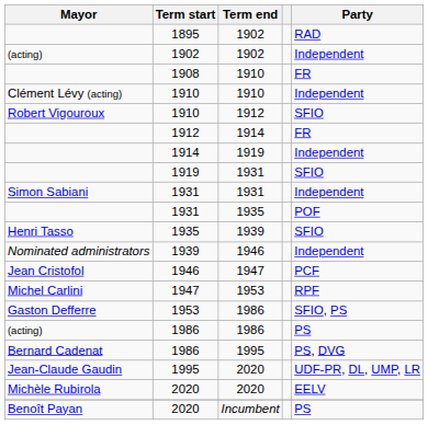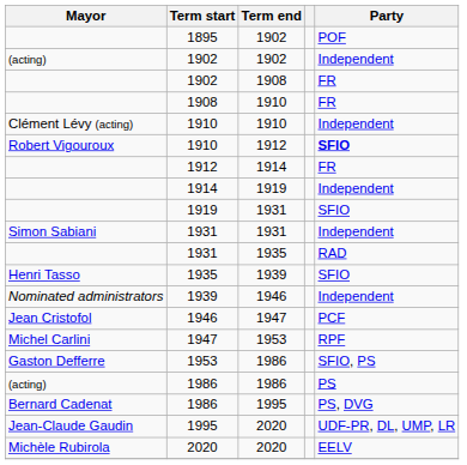 <table class="wikitable">
 <tr>
 <th>Mayor</th>
 <th>Term start</th>
 <th>Term end</th>
 <th class=unsortable> </th>
 <th>Party</th>
 </tr>
 <tr>
 <td></td>
 <td align=center>1895</td>
 <td style="text-align:center;">1902</td>
 <td style="color:inherit;background:"></td>
-<td><a href='#'>RAD</a></td>
+<td><a href='#'>POF</a></td>
 </tr>
 <tr>
 <td> <small>(acting)</small></td>
 <td style="text-align:center;">1902</td>
 <td style="text-align:center;">1902</td>
 <td style="color:inherit;background:"></td>
 <td><a href='#'>Independent</a></td>
+</tr>
+<tr>
+<td></td>
+<td align=center>1902</td>
+<td align=center>1908</td>
+<td style="color:inherit;background:"></td>
+<td><a href='#'>FR</a></td>
 </tr>
 <tr>
 <td></td>
 <td align=center>1908</td>
 <td align=center>1910</td>
 <td style="color:inherit;background:"></td>
 <td><a href='#'>FR</a></td>
 </tr>
 <tr>
 <td>Clément Lévy <small>(acting)</small></td>
 <td align=center>1910</td>
 <td align=center>1910</td>
 <td style="color:inherit;background:"></td>
 <td><a href='#'>Independent</a></td>
 </tr>
 <tr>
 <td><a href='#'>Robert Vigouroux</a></td>
 <td align=center>1910</td>
 <td align=center>1912</td>
 <td style="color:inherit;background:"></td>
-<td><a href='#'>SFIO</a></td>
+<td><strong><a href='#'>SFIO</a></strong></td>
 </tr>
 <tr>
 <td></td>
 <td align=center>1912</td>
 <td align=center>1914</td>
 <td style="color:inherit;background:"></td>
 <td><a href='#'>FR</a></td>
 </tr>
 <tr>
 <td></td>
 <td align=center>1914</td>
 <td align=center>1919</td>
 <td style="color:inherit;background:"></td>
 <td><a href='#'>Independent</a></td>
 </tr>
 <tr>
 <td></td>
 <td align=center>1919</td>
 <td align=center>1931</td>
 <td style="color:inherit;background:"></td>
 <td><a href='#'>SFIO</a></td>
 </tr>
 <tr>
 <td><a href='#'>Simon Sabiani</a></td>
 <td align=center>1931</td>
 <td align=center>1931</td>
 <td style="color:inherit;background:"></td>
 <td><a href='#'>Independent</a></td>
 </tr>
 <tr>
 <td></td>
 <td align=center>1931</td>
 <td align=center>1935</td>
 <td style="color:inherit;background:"></td>
-<td><a href='#'>POF</a></td>
+<td><a href='#'>RAD</a></td>
 </tr>
 <tr>
 <td><a href='#'>Henri Tasso</a></td>
 <td align=center>1935</td>
 <td align=center>1939</td>
 <td style="color:inherit;background:"></td>
 <td><a href='#'>SFIO</a></td>
 </tr>
 <tr>
 <td><em>Nominated administrators</em></td>
 <td align=center>1939</td>
 <td align=center>1946</td>
 <td style="color:inherit;background:"></td>
 <td><a href='#'>Independent</a><br></td>
 </tr>
 <tr>
 <td><a href='#'>Jean Cristofol</a></td>
 <td align=center>1946</td>
 <td align=center>1947</td>
 <td style="color:inherit;background:"></td>
 <td><a href='#'>PCF</a></td>
 </tr>
 <tr>
 <td><a href='#'>Michel Carlini</a></td>
 <td align=center>1947</td>
 <td align=center>1953</td>
 <td style="color:inherit;background:"></td>
 <td><a href='#'>RPF</a></td>
 </tr>
 <tr>
 <td><a href='#'>Gaston Defferre</a></td>
 <td align=center>1953</td>
 <td align=center>1986</td>
 <td style="color:inherit;background:"></td>
 <td><a href='#'>SFIO</a>, <a href='#'>PS</a></td>
 </tr>
 <tr>
 <td> <small>(acting)</small></td>
 <td align=center>1986</td>
 <td align=center>1986</td>
 <td style="color:inherit;background:"></td>
 <td><a href='#'>PS</a></td>
 </tr>
 <tr>
 <td><a href='#'>Bernard Cadenat</a></td>
 <td align=center>1986</td>
 <td align=center>1995</td>
 <td style="color:inherit;background:"></td>
 <td><a href='#'>PS</a>, <a href='#'>DVG</a></td>
 </tr>
 <tr>
 <td><a href='#'>Jean-Claude Gaudin</a></td>
 <td align=center>1995</td>
 <td align=center>2020</td>
 <td style="color:inherit;background:"></td>
 <td><a href='#'>UDF-PR</a>, <a href='#'>DL</a>, <a href='#'>UMP</a>, <a href='#'>LR</a></td>
 </tr>
 <tr>
 <td><a href='#'>Michèle Rubirola</a></td>
 <td align=center>2020</td>
 <td align=center>2020</td>
 <td style="color:inherit;background:"></td>
 <td><a href='#'>EELV</a></td>
 </tr>
 <tr>
 </tr>
-<tr>
-<td><a href='#'>Benoît Payan</a></td>
-<td align=center>2020</td>
-<td align=center><em>Incumbent</em></td>
-<td style="color:inherit;background:"></td>
-<td><a href='#'>PS</a></td>
-</tr>
 </table>
